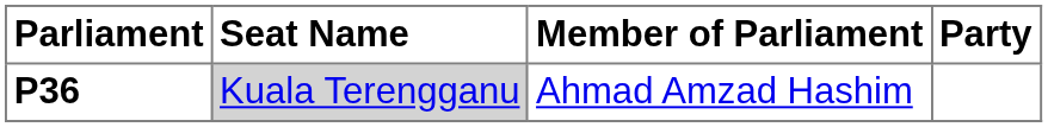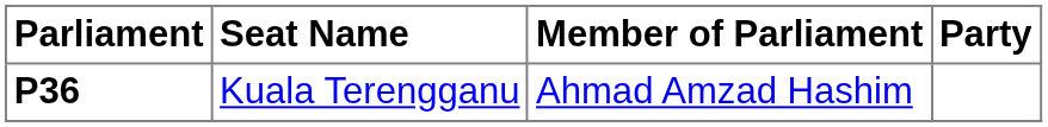 <table class="toccolours sortable" border="1" cellpadding="3" style="border-collapse:collapse; text-align: left;">
 <tr>
 <th align="center">Parliament</th>
 <th>Seat Name</th>
 <th>Member of Parliament</th>
 <th>Party</th>
 </tr>
 <tr>
 <th align="left">P36</th>
-<td style="background: lightgrey;"><a href='#'>Kuala Terengganu</a></td>
+<td><a href='#'>Kuala Terengganu</a></td>
 <td><a href='#'>Ahmad Amzad Hashim</a></td>
 <td></td>
 </tr>
 <tr>
 </tr>
 </table>
